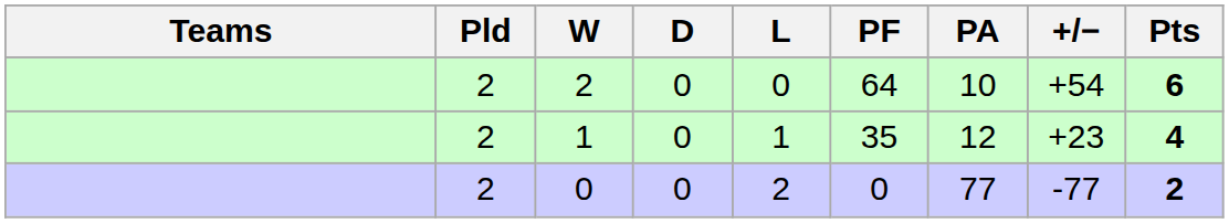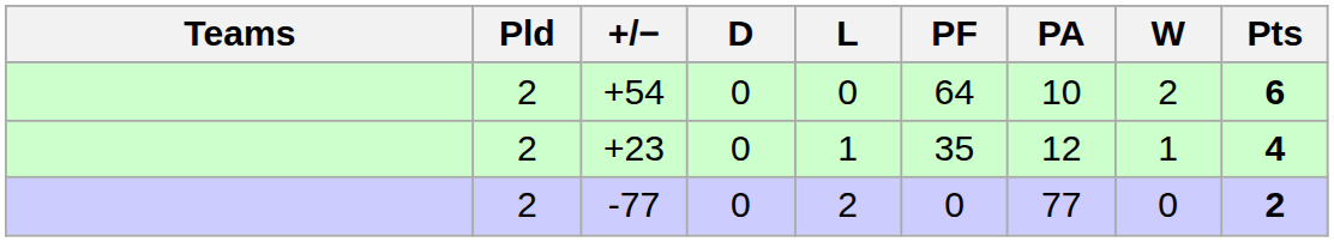 <table class="wikitable" style="text-align: center;">
 <tr>
 <th width="200">Teams</th>
 <th width="40">Pld</th>
-<th width="40">W</th>
+<th width="40">+/−</th>
 <th width="40">D</th>
 <th width="40">L</th>
 <th width="40">PF</th>
 <th width="40">PA</th>
-<th width="40">+/−</th>
+<th width="40">W</th>
 <th width="40">Pts</th>
 </tr>
 <tr style="background:#ccffcc">
 <td align=left></td>
 <td>2</td>
-<td>2</td>
+<td>+54</td>
 <td>0</td>
 <td>0</td>
 <td>64</td>
 <td>10</td>
-<td>+54</td>
+<td>2</td>
 <td><strong>6</strong></td>
 </tr>
 <tr style="background:#ccffcc">
 <td align=left></td>
 <td>2</td>
-<td>1</td>
+<td>+23</td>
 <td>0</td>
 <td>1</td>
 <td>35</td>
 <td>12</td>
-<td>+23</td>
+<td>1</td>
 <td><strong>4</strong></td>
 </tr>
 <tr style="background:#ccccff">
 <td align=left></td>
 <td>2</td>
-<td>0</td>
+<td>-77</td>
 <td>0</td>
 <td>2</td>
 <td>0</td>
 <td>77</td>
-<td>-77</td>
+<td>0</td>
 <td><strong>2</strong></td>
 </tr>
 </table>
